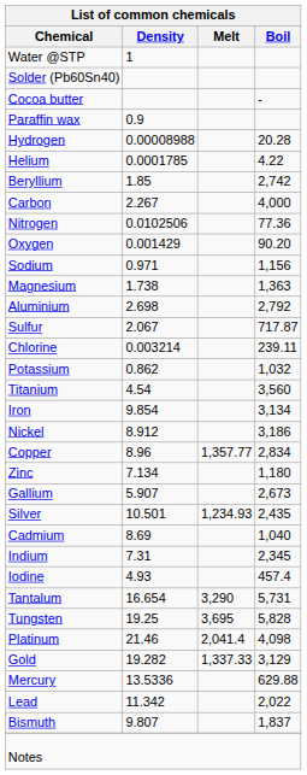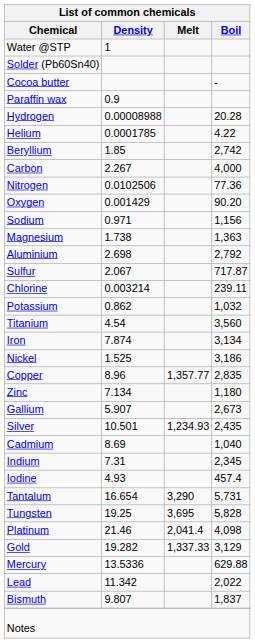 <table class="wikitable sortable collapsible">
 <tr>
 <th colspan=4>List of common chemicals</th>
 </tr>
 <tr>
 <th>Chemical</th>
 <th data-sort-type="number"><a href='#'>Density</a> </th>
 <th data-sort-type="number">Melt </th>
 <th data-sort-type="number"><a href='#'>Boil</a> </th>
 </tr>
 <tr>
 <td>Water @STP</td>
 <td>1</td>
 <td></td>
 <td></td>
 </tr>
 <tr>
 <td><a href='#'>Solder</a> (Pb60Sn40)</td>
 <td></td>
 <td></td>
 <td></td>
 </tr>
 <tr>
 <td><a href='#'>Cocoa butter</a></td>
 <td></td>
 <td></td>
 <td>-</td>
 </tr>
 <tr>
 <td><a href='#'>Paraffin wax</a></td>
 <td>0.9</td>
 <td></td>
 <td></td>
 </tr>
 <tr>
 <td><a href='#'>Hydrogen</a></td>
 <td>0.00008988</td>
 <td></td>
 <td>20.28</td>
 </tr>
 <tr>
 <td><a href='#'>Helium</a></td>
 <td>0.0001785</td>
 <td></td>
 <td>4.22</td>
 </tr>
 <tr>
 <td><a href='#'>Beryllium</a></td>
 <td>1.85</td>
 <td></td>
 <td>2,742</td>
 </tr>
 <tr>
 <td><a href='#'>Carbon</a></td>
 <td>2.267</td>
 <td></td>
 <td>4,000</td>
 </tr>
 <tr>
 <td><a href='#'>Nitrogen</a></td>
 <td>0.0102506</td>
 <td></td>
 <td>77.36</td>
 </tr>
 <tr>
 <td><a href='#'>Oxygen</a></td>
 <td>0.001429</td>
 <td></td>
 <td>90.20</td>
 </tr>
 <tr>
 <td><a href='#'>Sodium</a></td>
 <td>0.971</td>
 <td></td>
 <td>1,156</td>
 </tr>
 <tr>
 <td><a href='#'>Magnesium</a></td>
 <td>1.738</td>
 <td></td>
 <td>1,363</td>
 </tr>
 <tr>
 <td><a href='#'>Aluminium</a></td>
 <td>2.698</td>
 <td></td>
 <td>2,792</td>
 </tr>
 <tr>
 <td><a href='#'>Sulfur</a></td>
 <td>2.067</td>
 <td></td>
 <td>717.87</td>
 </tr>
 <tr>
 <td><a href='#'>Chlorine</a></td>
 <td>0.003214</td>
 <td></td>
 <td>239.11</td>
 </tr>
 <tr>
 <td><a href='#'>Potassium</a></td>
 <td>0.862</td>
 <td></td>
 <td>1,032</td>
 </tr>
 <tr>
 <td><a href='#'>Titanium</a></td>
 <td>4.54</td>
 <td></td>
 <td>3,560</td>
 </tr>
 <tr>
 <td><a href='#'>Iron</a></td>
-<td>9.854</td>
+<td>7.874</td>
 <td></td>
 <td>3,134</td>
 </tr>
 <tr>
 <td><a href='#'>Nickel</a></td>
-<td>8.912</td>
+<td>1.525</td>
 <td></td>
 <td>3,186</td>
 </tr>
 <tr>
 <td><a href='#'>Copper</a></td>
 <td>8.96</td>
 <td>1,357.77</td>
-<td>2,834</td>
+<td>2,835</td>
 </tr>
 <tr>
 <td><a href='#'>Zinc</a></td>
 <td>7.134</td>
 <td></td>
 <td>1,180</td>
 </tr>
 <tr>
 <td><a href='#'>Gallium</a></td>
 <td>5.907</td>
 <td></td>
 <td>2,673</td>
 </tr>
 <tr>
 <td><a href='#'>Silver</a></td>
 <td>10.501</td>
 <td>1,234.93</td>
 <td>2,435</td>
 </tr>
 <tr>
 <td><a href='#'>Cadmium</a></td>
 <td>8.69</td>
 <td></td>
 <td>1,040</td>
 </tr>
 <tr>
 <td><a href='#'>Indium</a></td>
 <td>7.31</td>
 <td></td>
 <td>2,345</td>
 </tr>
 <tr>
 <td><a href='#'>Iodine</a></td>
 <td>4.93</td>
 <td></td>
 <td>457.4</td>
 </tr>
 <tr>
 <td><a href='#'>Tantalum</a></td>
 <td>16.654</td>
 <td>3,290</td>
 <td>5,731</td>
 </tr>
 <tr>
 <td><a href='#'>Tungsten</a></td>
 <td>19.25</td>
 <td>3,695</td>
 <td>5,828</td>
 </tr>
 <tr>
 <td><a href='#'>Platinum</a></td>
 <td>21.46</td>
 <td>2,041.4</td>
 <td>4,098</td>
 </tr>
 <tr>
 <td><a href='#'>Gold</a></td>
 <td>19.282</td>
 <td>1,337.33</td>
 <td>3,129</td>
 </tr>
 <tr>
 <td><a href='#'>Mercury</a></td>
 <td>13.5336</td>
 <td></td>
 <td>629.88</td>
 </tr>
 <tr>
 <td><a href='#'>Lead</a></td>
 <td>11.342</td>
 <td></td>
 <td>2,022</td>
 </tr>
 <tr>
 <td><a href='#'>Bismuth</a></td>
 <td>9.807</td>
 <td></td>
 <td>1,837</td>
 </tr>
 <tr>
 </tr>
 <tr class="sortbottom">
 <td colspan=13><div><br>Notes <div></div></div></td>
 </tr>
 </table>
